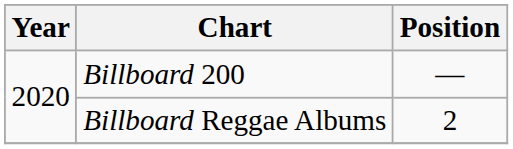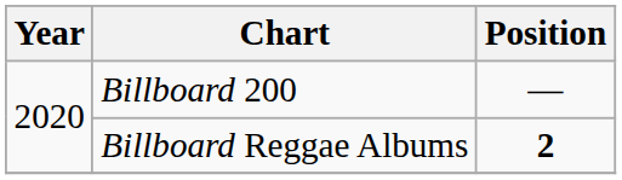 <table class="wikitable">
 <tr>
 <th>Year</th>
 <th>Chart</th>
 <th>Position</th>
 </tr>
 <tr>
 <td rowspan="2">2020</td>
 <td><em>Billboard</em> 200</td>
 <td align="center">—</td>
 </tr>
 <tr>
 <td><em>Billboard</em> Reggae Albums</td>
-<td align="center">2</td>
+<td align="center"><strong>2</strong></td>
 </tr>
 <tr>
 </tr>
 </table>
